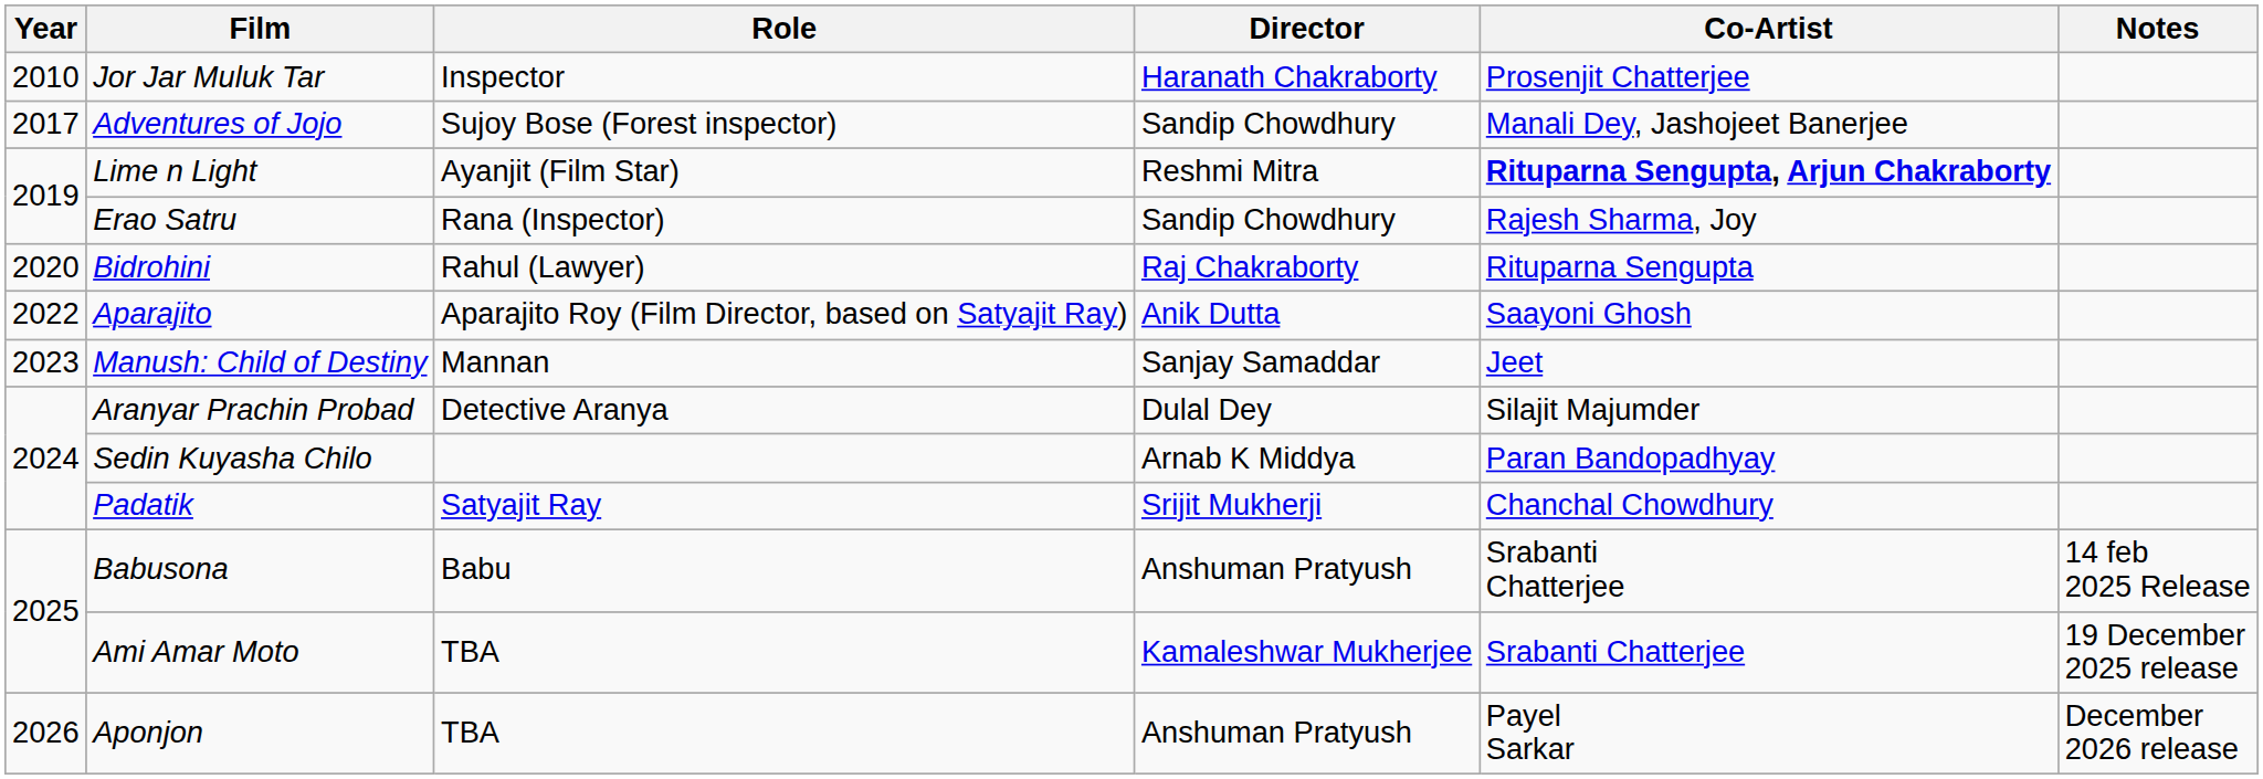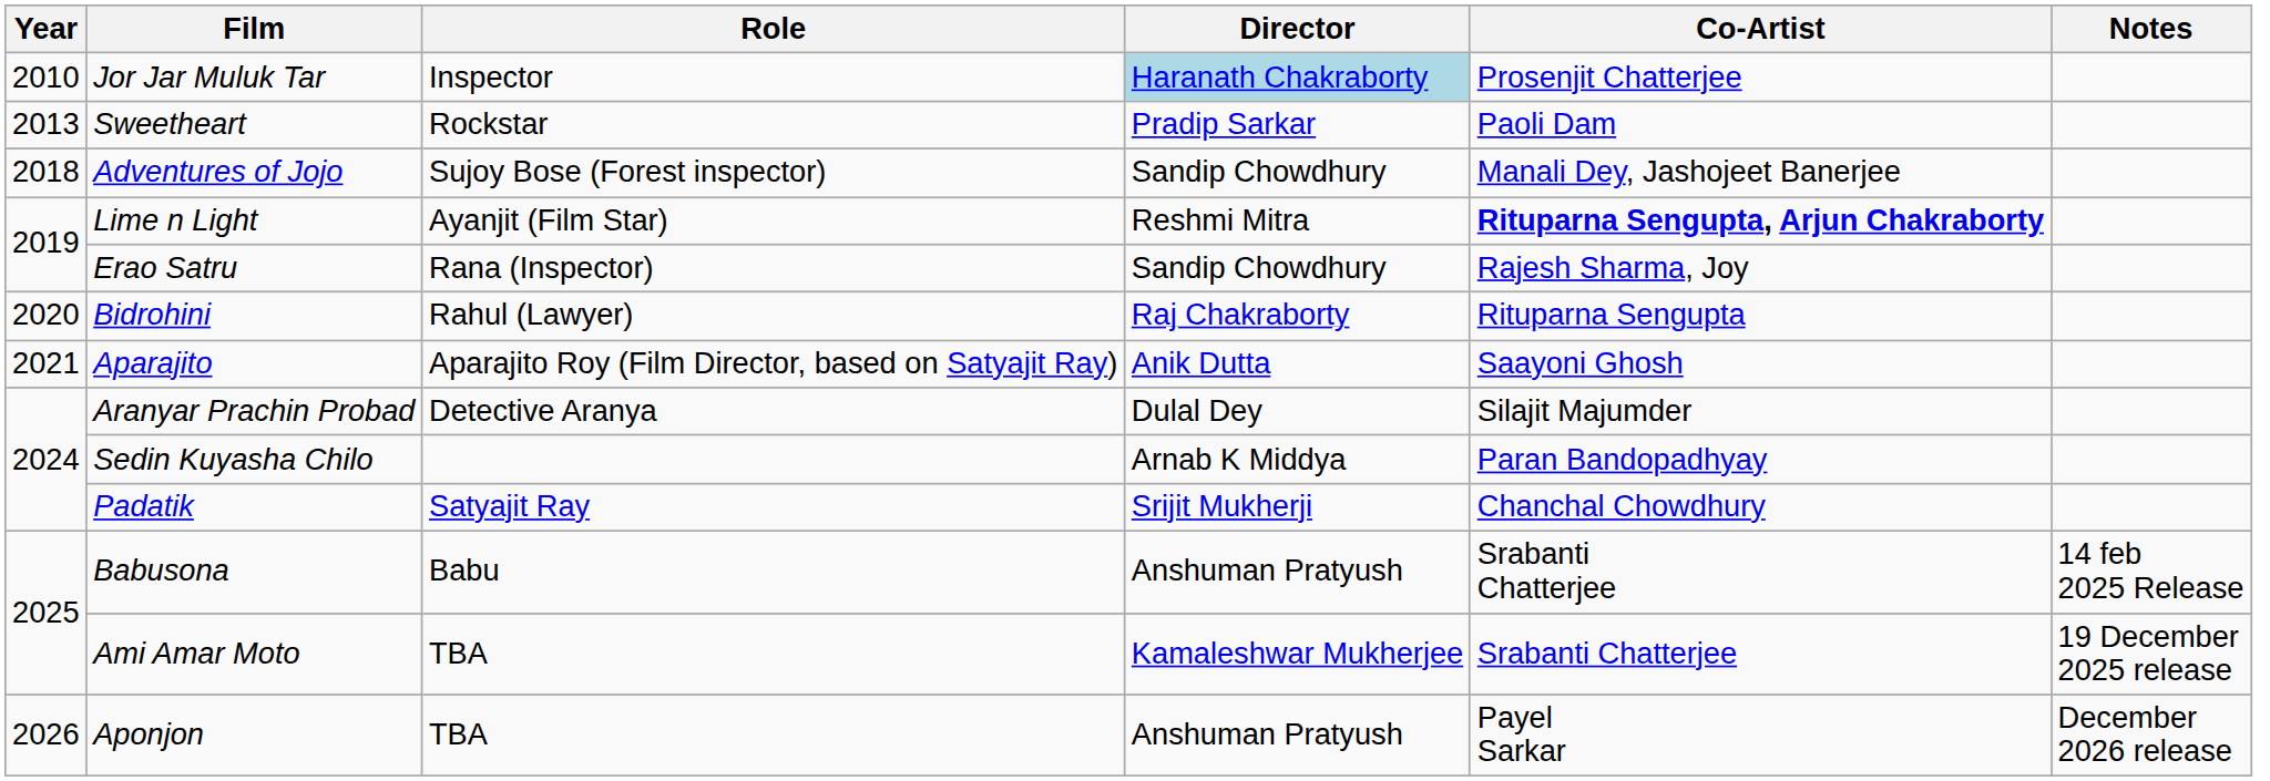 <table class="wikitable">
 <tr>
 <th>Year</th>
 <th>Film</th>
 <th>Role</th>
 <th>Director</th>
 <th>Co-Artist</th>
 <th>Notes</th>
 </tr>
 <tr>
 <td>2010</td>
 <td><em>Jor Jar Muluk Tar</em></td>
 <td>Inspector</td>
-<td><a href='#'>Haranath Chakraborty</a></td>
+<td style="background: lightblue;"><a href='#'>Haranath Chakraborty</a></td>
 <td><a href='#'>Prosenjit Chatterjee</a></td>
 <td></td>
 </tr>
 <tr>
-<td>2017</td>
+<td>2013</td>
+<td><em>Sweetheart</em></td>
+<td>Rockstar</td>
+<td><a href='#'>Pradip Sarkar</a></td>
+<td><a href='#'>Paoli Dam</a></td>
+<td></td>
+</tr>
+<tr>
+<td>2018</td>
 <td><em><a href='#'>Adventures of Jojo</a></em></td>
 <td>Sujoy Bose (Forest inspector)</td>
 <td>Sandip Chowdhury</td>
 <td><a href='#'>Manali Dey</a>, Jashojeet Banerjee</td>
 <td></td>
 </tr>
 <tr>
 <td rowspan="2">2019</td>
 <td><em>Lime n Light</em></td>
 <td>Ayanjit (Film Star)</td>
 <td>Reshmi Mitra</td>
 <td><strong><a href='#'>Rituparna Sengupta</a>, <a href='#'>Arjun Chakraborty</a></strong></td>
 <td></td>
 </tr>
 <tr>
 <td><em>Erao Satru</em></td>
 <td>Rana (Inspector)</td>
 <td>Sandip Chowdhury</td>
 <td><a href='#'>Rajesh Sharma</a>, Joy</td>
 <td></td>
 </tr>
 <tr>
 <td>2020</td>
 <td><em><a href='#'>Bidrohini</a></em></td>
 <td>Rahul (Lawyer)</td>
 <td><a href='#'>Raj Chakraborty</a></td>
 <td><a href='#'>Rituparna Sengupta</a></td>
 <td></td>
 </tr>
 <tr>
-<td>2022</td>
+<td>2021</td>
 <td><a href='#'><em>Aparajito</em></a></td>
 <td>Aparajito Roy (Film Director, based on <a href='#'>Satyajit Ray</a>)</td>
 <td><a href='#'>Anik Dutta</a></td>
 <td><a href='#'>Saayoni Ghosh</a></td>
-<td></td>
-</tr>
-<tr>
-<td>2023</td>
-<td><em><a href='#'>Manush: Child of Destiny</a></em></td>
-<td>Mannan</td>
-<td>Sanjay Samaddar</td>
-<td><a href='#'>Jeet</a></td>
 <td></td>
 </tr>
 <tr>
 <td rowspan="3">2024</td>
 <td><em>Aranyar Prachin Probad</em></td>
 <td>Detective Aranya</td>
 <td>Dulal Dey</td>
 <td>Silajit Majumder</td>
 <td></td>
 </tr>
 <tr>
 <td><em>Sedin Kuyasha Chilo</em></td>
 <td></td>
 <td>Arnab K Middya</td>
 <td><a href='#'>Paran Bandopadhyay</a></td>
 <td></td>
 </tr>
 <tr>
 <td><em><a href='#'>Padatik</a></em></td>
 <td><a href='#'>Satyajit Ray</a></td>
 <td><a href='#'>Srijit Mukherji</a></td>
 <td><a href='#'>Chanchal Chowdhury</a></td>
 <td></td>
 </tr>
 <tr>
 <td rowspan="2">2025</td>
 <td><em>Babusona</em></td>
 <td>Babu</td>
 <td>Anshuman Pratyush</td>
 <td>Srabanti<br>Chatterjee</td>
 <td>14 feb<br>2025  Release</td>
 </tr>
 <tr>
 <td><em>Ami Amar Moto</em></td>
 <td>TBA</td>
 <td><a href='#'>Kamaleshwar Mukherjee</a></td>
 <td><a href='#'>Srabanti Chatterjee</a></td>
 <td>19 December<br>2025 release</td>
 </tr>
 <tr>
 <td>2026</td>
 <td><em>Aponjon</em></td>
 <td>TBA</td>
 <td>Anshuman Pratyush</td>
 <td>Payel<br>Sarkar</td>
 <td>December<br>2026 release</td>
 </tr>
 </table>
